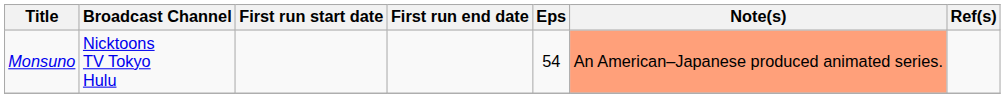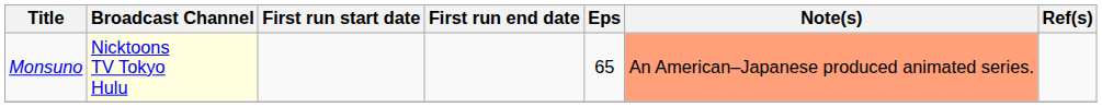 <table class="wikitable sortable">
 <tr>
 <th scope="col">Title</th>
 <th scope="col">Broadcast Channel</th>
 <th scope="col">First run start date</th>
 <th scope="col">First run end date</th>
 <th scope="col" class="unsortable">Eps</th>
 <th scope="col" class="unsortable">Note(s)</th>
 <th scope="col" class="unsortable">Ref(s)</th>
 </tr>
 <tr>
 <td><em><a href='#'>Monsuno</a></em></td>
-<td><a href='#'>Nicktoons</a><br><a href='#'>TV Tokyo</a><br><a href='#'>Hulu</a></td>
+<td style="background: lightyellow;"><a href='#'>Nicktoons</a><br><a href='#'>TV Tokyo</a><br><a href='#'>Hulu</a></td>
 <td></td>
 <td></td>
-<td style="text-align:center">54</td>
+<td style="text-align:center">65</td>
 <td style="background: lightsalmon;">An American–Japanese produced animated series.</td>
 <td style="text-align:center"></td>
 </tr>
 <tr>
 </tr>
 </table>
